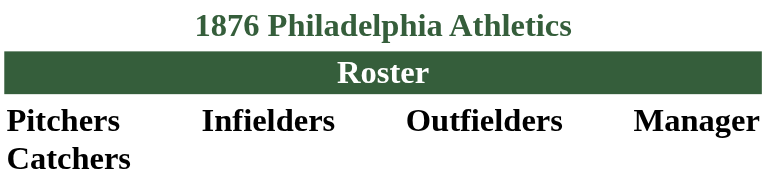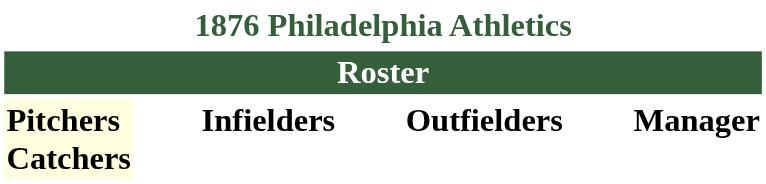 <table class="toccolours" style="font-size: 95%;">
 <tr>
 <th colspan="10" style="background-color: white; color: #355E3B; text-align: center;">1876 Philadelphia Athletics</th>
 </tr>
 <tr>
 <td colspan="10" style="background-color: #355E3B; color: white; text-align: center;"><strong>Roster</strong></td>
 </tr>
 <tr>
-<td valign="top"><strong>Pitchers</strong><br>   <strong>Catchers</strong>       </td>
+<td valign="top" style="background: lightyellow;"><strong>Pitchers</strong><br>   <strong>Catchers</strong>       </td>
 <td width="25px"></td>
 <td valign="top"><strong>Infielders</strong><br>    </td>
 <td width="25px"></td>
 <td valign="top"><strong>Outfielders</strong><br>     </td>
 <td width="25px"></td>
 <td valign="top"><strong>Manager</strong><br></td>
 </tr>
 <tr>
 </tr>
 </table>
